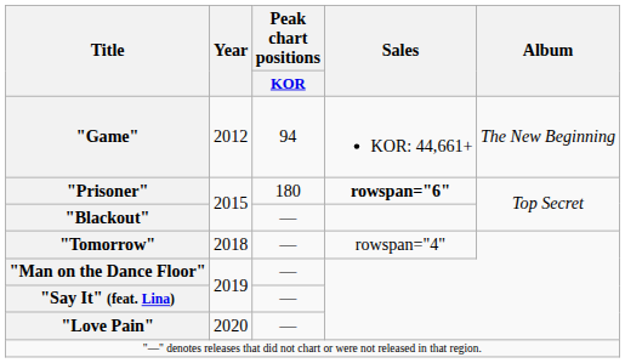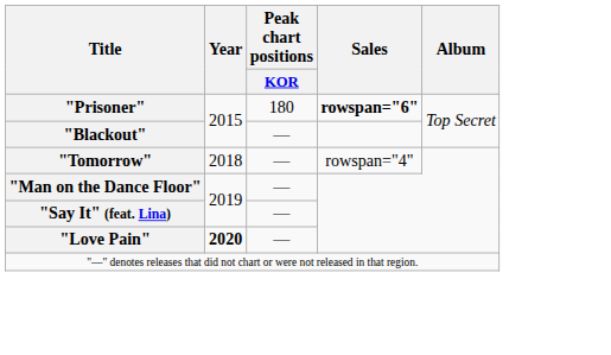 <table class="wikitable plainrowheaders" style="text-align:center">
 <tr>
 <th scope="col" rowspan="2">Title</th>
 <th scope="col" rowspan="2">Year</th>
 <th scope="col" colspan="1">Peak chart positions</th>
 <th scope="col" rowspan="2">Sales</th>
 <th scope="col" rowspan="2">Album</th>
 </tr>
 <tr>
 <th style="text-align:center; width:30px; font-size:90%;"><a href='#'>KOR</a><br></th>
-</tr>
-<tr>
-<th scope="row">"Game"</th>
-<td>2012</td>
-<td>94</td>
-<td><br><ul><li>KOR: 44,661+</li></ul></td>
-<td><em>The New Beginning</em></td>
 </tr>
 <tr>
 <th scope="row">"Prisoner"</th>
 <td rowspan="2">2015</td>
 <td>180</td>
 <td><strong>rowspan="6" </strong></td>
 <td rowspan="2"><em>Top Secret</em></td>
 </tr>
 <tr>
 <th scope="row">"Blackout"</th>
 <td>—</td>
 </tr>
 <tr>
 <th scope="row">"Tomorrow"</th>
 <td>2018</td>
 <td>—</td>
 <td>rowspan="4" </td>
 </tr>
 <tr>
 <th scope="row">"Man on the Dance Floor"</th>
 <td rowspan="2">2019</td>
 <td>—</td>
 </tr>
 <tr>
 <th scope="row">"Say It" <small>(feat. <a href='#'>Lina</a>)</small></th>
 <td>—</td>
 </tr>
 <tr>
 <th scope="row">"Love Pain"</th>
-<td>2020</td>
+<td><strong>2020</strong></td>
 <td>—</td>
 </tr>
 <tr>
 <td colspan="5" style="font-size:8pt;">"—" denotes releases that did not chart or were not released in that region.</td>
 </tr>
 </table>
